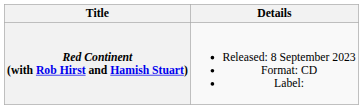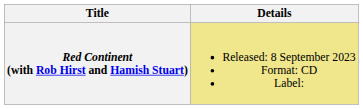 <table class="wikitable plainrowheaders" style="text-align:center;" border="1">
 <tr>
 <th>Title</th>
 <th>Details</th>
 </tr>
 <tr>
 <th scope="row"><em>Red Continent</em> <br>(with <a href='#'>Rob Hirst</a> and <a href='#'>Hamish Stuart</a>)</th>
-<td><br><ul><li>Released: 8 September 2023</li><li>Format: CD</li><li>Label:</li></ul></td>
+<td style="background: khaki;"><br><ul><li>Released: 8 September 2023</li><li>Format: CD</li><li>Label:</li></ul></td>
 </tr>
 </table>
